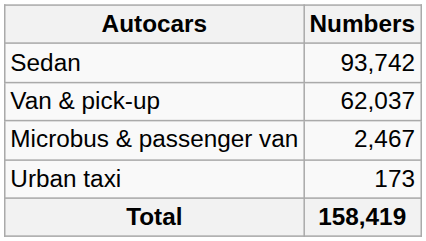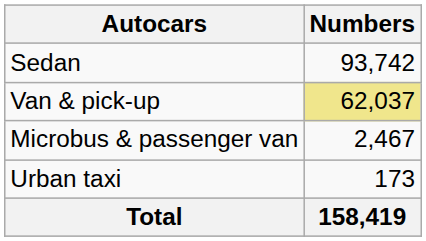 <table class="wikitable" style="display:inline-table;">
 <tr>
 <th>Autocars</th>
 <th>Numbers</th>
 </tr>
 <tr>
 <td>Sedan</td>
 <td style="text-align:right;">93,742</td>
 </tr>
 <tr>
 <td>Van & pick-up</td>
-<td style="text-align:right;">62,037</td>
+<td style="background: khaki; text-align:right;">62,037</td>
 </tr>
 <tr>
 <td>Microbus & passenger van</td>
 <td style="text-align:right;">2,467</td>
 </tr>
 <tr>
 <td>Urban taxi</td>
 <td style="text-align:right;">173</td>
 </tr>
 <tr>
 <th>Total</th>
 <th>158,419</th>
 </tr>
 </table>
